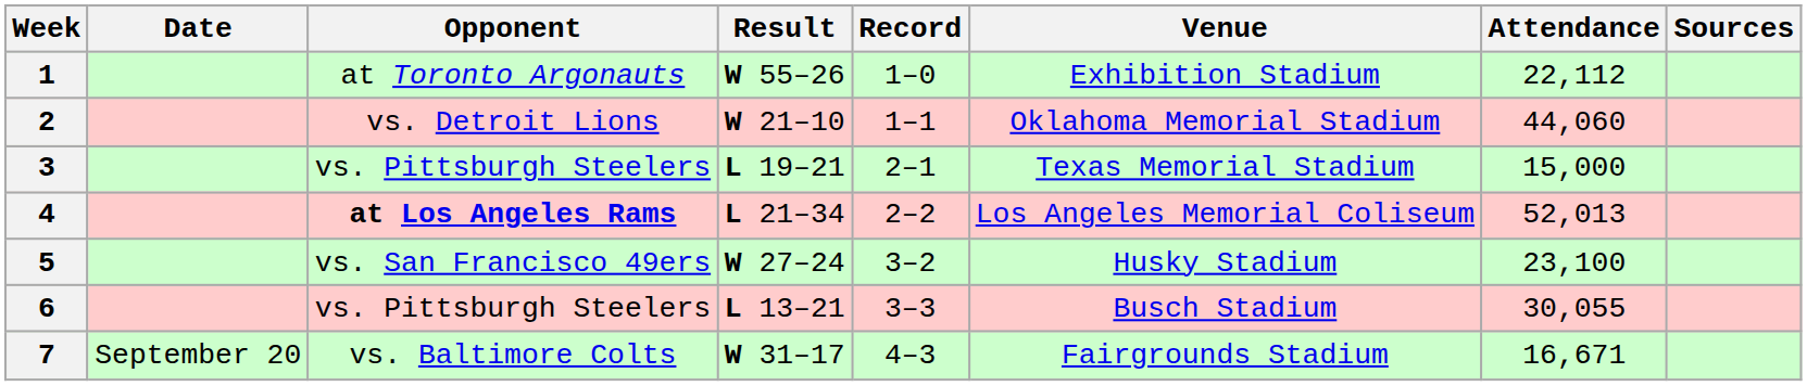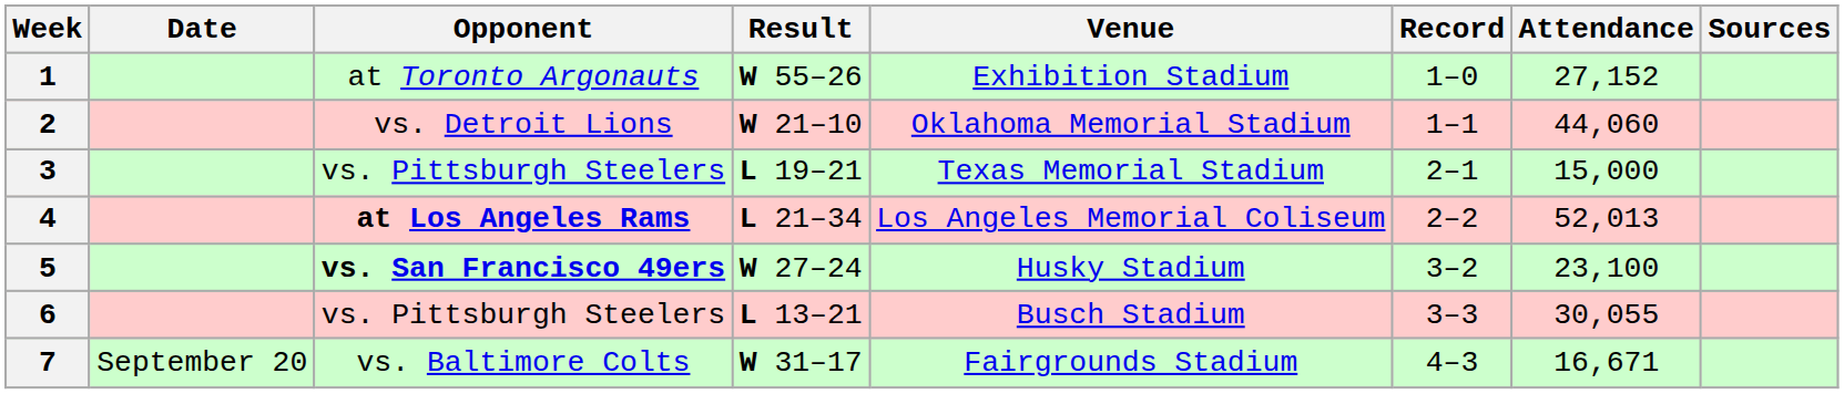 <table class="wikitable" style="text-align:center">
 <tr>
 <th>Week</th>
 <th>Date</th>
 <th>Opponent</th>
 <th>Result</th>
+<th>Venue</th>
 <th>Record</th>
-<th>Venue</th>
 <th>Attendance</th>
 <th>Sources</th>
 </tr>
 <tr style="background:#cfc">
 <th>1</th>
 <td></td>
 <td>at <em><a href='#'>Toronto Argonauts</a></em></td>
 <td><strong>W</strong> 55–26</td>
+<td><a href='#'>Exhibition Stadium</a></td>
 <td>1–0</td>
-<td><a href='#'>Exhibition Stadium</a></td>
-<td>22,112</td>
+<td>27,152</td>
 <td></td>
 </tr>
 <tr style="background:#fcc">
 <th>2</th>
 <td></td>
 <td>vs. <a href='#'>Detroit Lions</a></td>
 <td><strong>W</strong> 21–10</td>
+<td><a href='#'>Oklahoma Memorial Stadium</a></td>
 <td>1–1</td>
-<td><a href='#'>Oklahoma Memorial Stadium</a></td>
 <td>44,060</td>
 <td></td>
 </tr>
 <tr style="background:#cfc">
 <th>3</th>
 <td></td>
 <td>vs. <a href='#'>Pittsburgh Steelers</a></td>
 <td><strong>L</strong> 19–21</td>
+<td><a href='#'>Texas Memorial Stadium</a></td>
 <td>2–1</td>
-<td><a href='#'>Texas Memorial Stadium</a></td>
 <td>15,000</td>
 <td></td>
 </tr>
 <tr style="background:#fcc">
 <th>4</th>
 <td></td>
 <td><strong>at <a href='#'>Los Angeles Rams</a></strong></td>
 <td><strong>L</strong> 21–34</td>
+<td><a href='#'>Los Angeles Memorial Coliseum</a></td>
 <td>2–2</td>
-<td><a href='#'>Los Angeles Memorial Coliseum</a></td>
 <td>52,013</td>
 <td></td>
 </tr>
 <tr style="background:#cfc">
 <th>5</th>
 <td></td>
-<td>vs. <a href='#'>San Francisco 49ers</a></td>
+<td><strong>vs. <a href='#'>San Francisco 49ers</a></strong></td>
 <td><strong>W</strong> 27–24</td>
+<td><a href='#'>Husky Stadium</a></td>
 <td>3–2</td>
-<td><a href='#'>Husky Stadium</a></td>
 <td>23,100</td>
 <td></td>
 </tr>
 <tr style="background:#fcc">
 <th>6</th>
 <td></td>
 <td>vs. Pittsburgh Steelers</td>
 <td><strong>L</strong> 13–21</td>
+<td><a href='#'>Busch Stadium</a></td>
 <td>3–3</td>
-<td><a href='#'>Busch Stadium</a></td>
 <td>30,055</td>
 <td></td>
 </tr>
 <tr style="background:#cfc">
 <th>7</th>
 <td>September 20</td>
 <td>vs. <a href='#'>Baltimore Colts</a></td>
 <td><strong>W</strong> 31–17</td>
+<td><a href='#'>Fairgrounds Stadium</a></td>
 <td>4–3</td>
-<td><a href='#'>Fairgrounds Stadium</a></td>
 <td>16,671</td>
 <td></td>
 </tr>
 </table>
